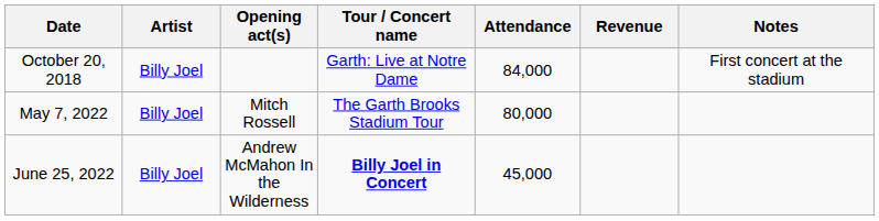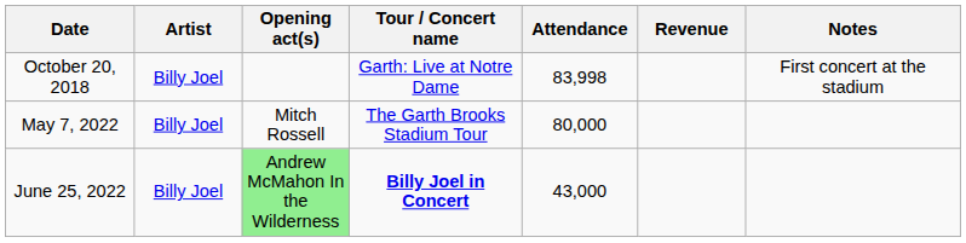 <table class="wikitable" style="text-align:center;">
 <tr>
 <th width=12% style="text-align:center;">Date</th>
 <th width=10% style="text-align:center;">Artist</th>
 <th width=10% style="text-align:center;">Opening act(s)</th>
 <th width=16% style="text-align:center;">Tour / Concert name</th>
 <th width=10% style="text-align:center;">Attendance</th>
 <th width=10% style="text-align:center;">Revenue</th>
 <th width=20% style="text-align:center;">Notes</th>
 </tr>
 <tr>
 <td>October 20, 2018</td>
 <td><a href='#'>Billy Joel</a></td>
 <td></td>
 <td><a href='#'>Garth: Live at Notre Dame</a></td>
-<td>84,000</td>
+<td>83,998</td>
 <td></td>
 <td>First concert at the stadium</td>
 </tr>
 <tr>
 <td>May 7, 2022</td>
 <td><a href='#'>Billy Joel</a></td>
 <td>Mitch Rossell</td>
 <td><a href='#'>The Garth Brooks Stadium Tour</a></td>
 <td>80,000</td>
 <td></td>
 <td></td>
 </tr>
 <tr>
 <td>June 25, 2022</td>
 <td><a href='#'>Billy Joel</a></td>
-<td>Andrew McMahon In the Wilderness</td>
+<td style="background: lightgreen;">Andrew McMahon In the Wilderness</td>
 <td><strong><a href='#'>Billy Joel in Concert</a></strong></td>
-<td>45,000</td>
+<td>43,000</td>
 <td></td>
 <td></td>
 </tr>
 </table>
